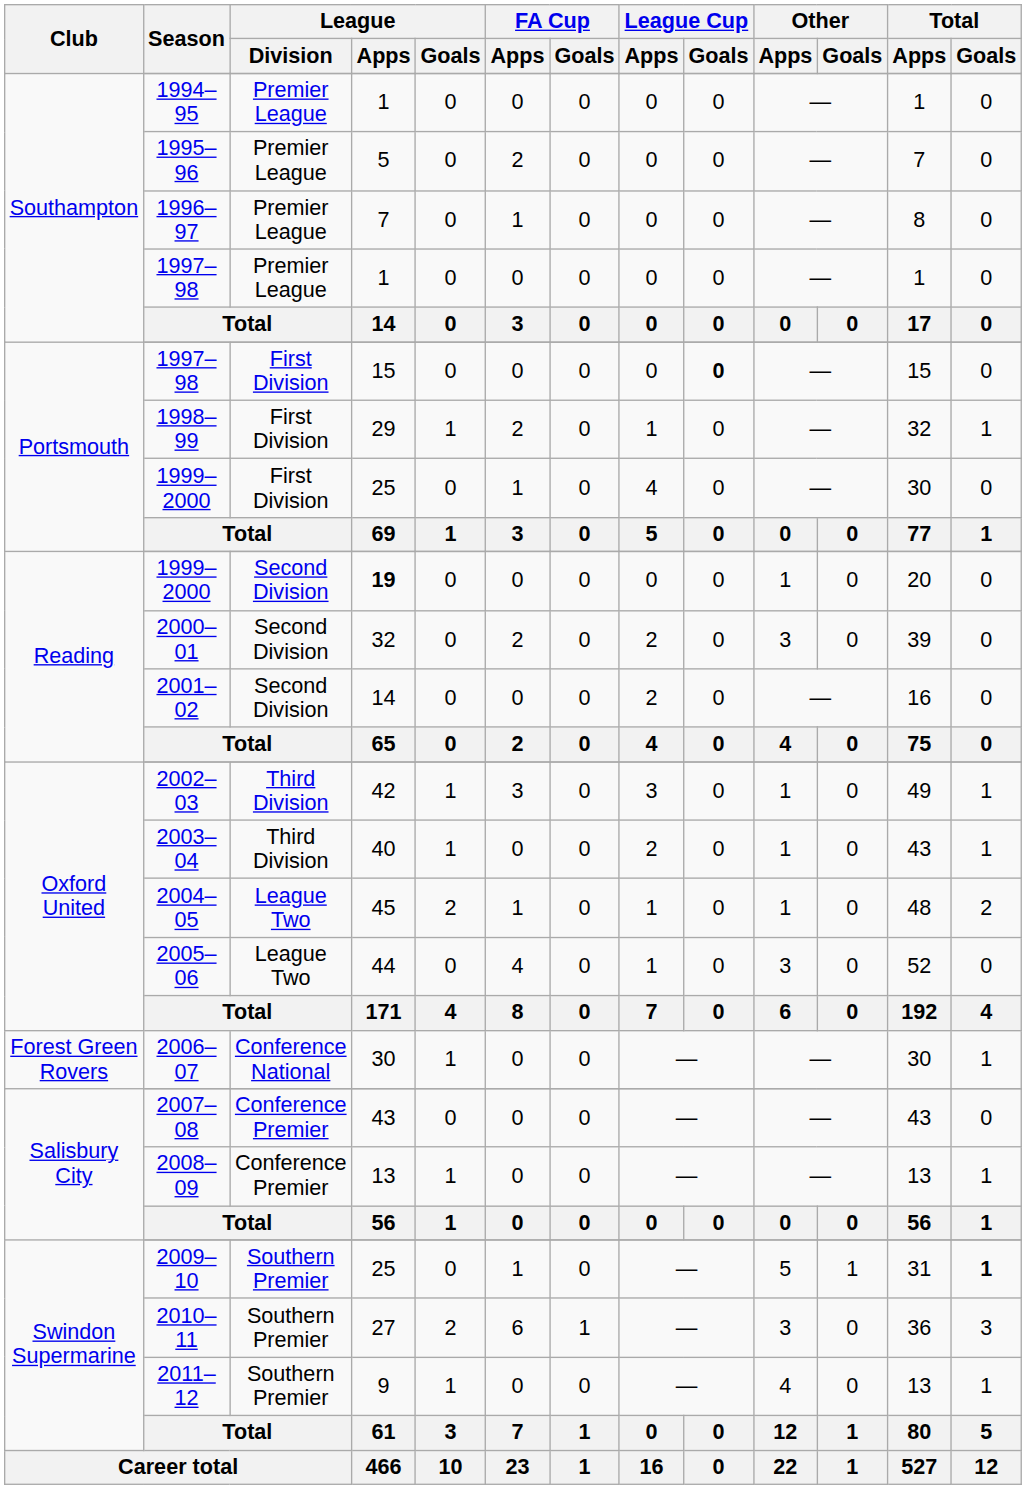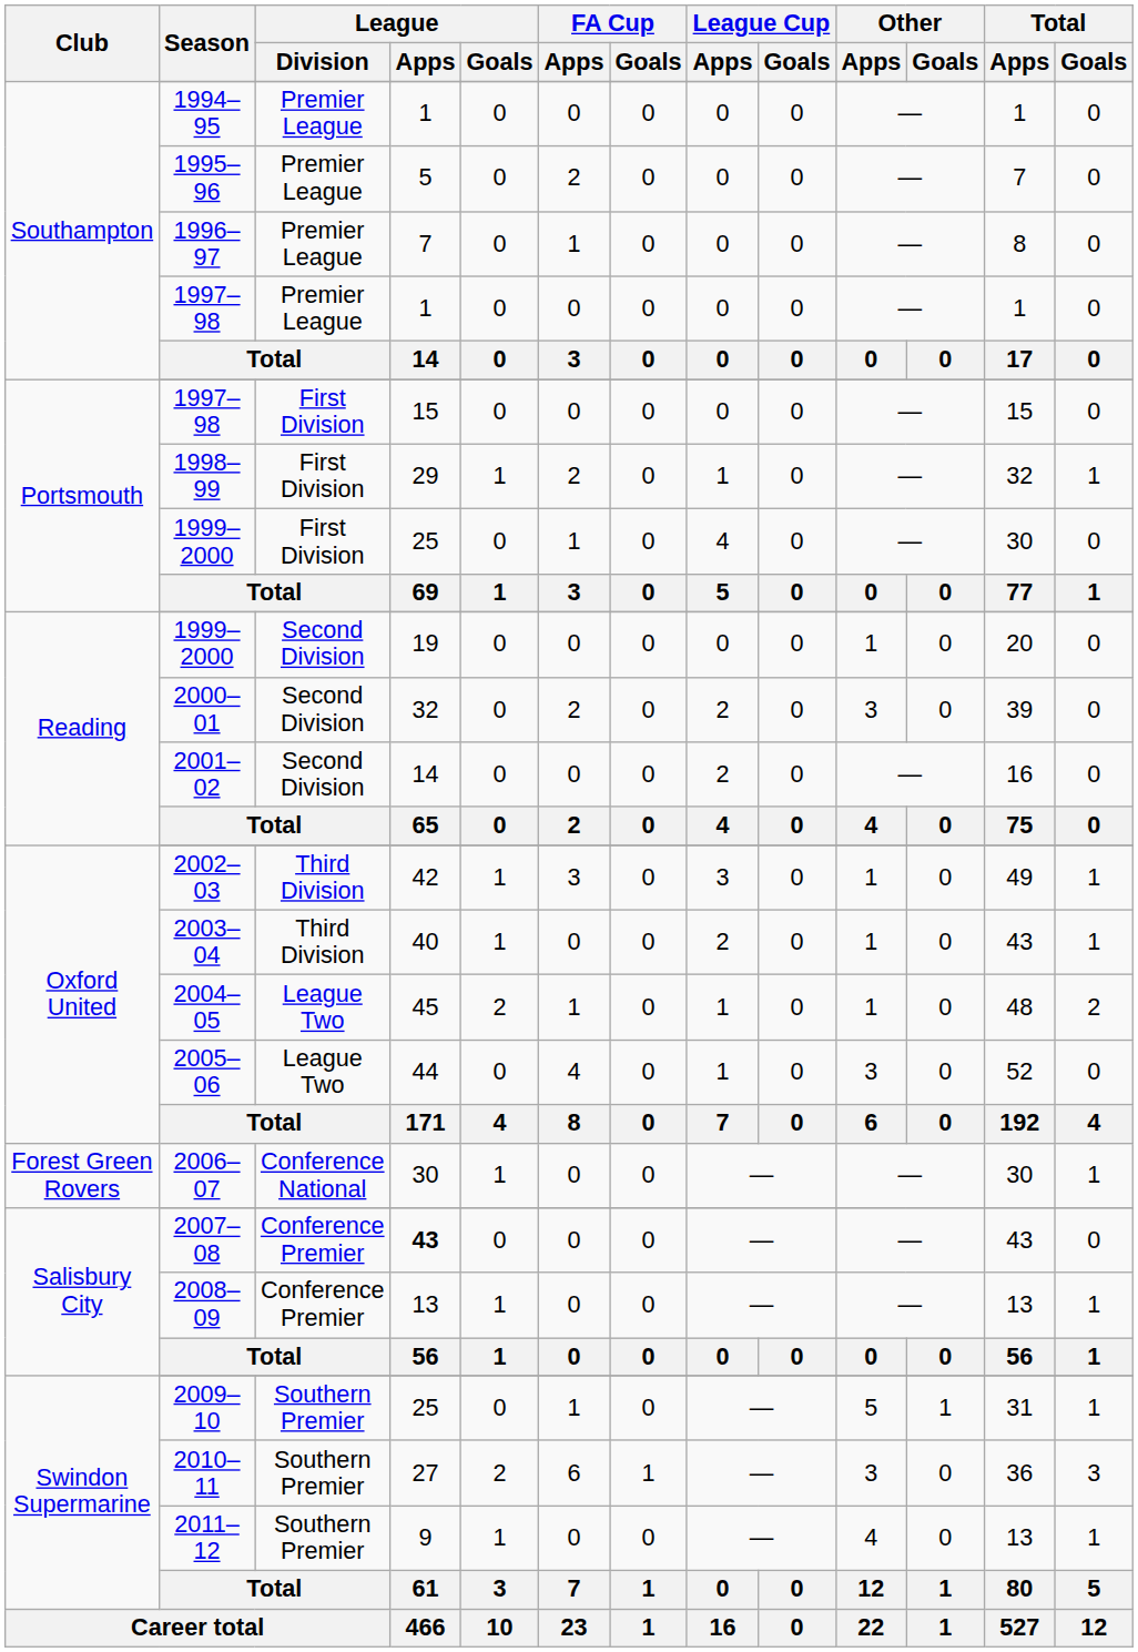 <table class=wikitable style=text-align:center>
 <tr>
 <th rowspan=2>Club</th>
 <th rowspan=2>Season</th>
 <th colspan=3>League</th>
 <th colspan=2><a href='#'>FA Cup</a></th>
 <th colspan=2><a href='#'>League Cup</a></th>
 <th colspan=2>Other</th>
 <th colspan=2>Total</th>
 </tr>
 <tr>
 <th>Division</th>
 <th>Apps</th>
 <th>Goals</th>
 <th>Apps</th>
 <th>Goals</th>
 <th>Apps</th>
 <th>Goals</th>
 <th>Apps</th>
 <th>Goals</th>
 <th>Apps</th>
 <th>Goals</th>
 </tr>
 <tr>
 <td rowspan=6><a href='#'>Southampton</a></td>
 </tr>
 <tr>
 <td><a href='#'>1994–95</a></td>
 <td><a href='#'>Premier League</a></td>
 <td>1</td>
 <td>0</td>
 <td>0</td>
 <td>0</td>
 <td>0</td>
 <td>0</td>
 <td colspan=2>—</td>
 <td>1</td>
 <td>0</td>
 </tr>
 <tr>
 <td><a href='#'>1995–96</a></td>
 <td>Premier League</td>
 <td>5</td>
 <td>0</td>
 <td>2</td>
 <td>0</td>
 <td>0</td>
 <td>0</td>
 <td colspan=2>—</td>
 <td>7</td>
 <td>0</td>
 </tr>
 <tr>
 <td><a href='#'>1996–97</a></td>
 <td>Premier League</td>
 <td>7</td>
 <td>0</td>
 <td>1</td>
 <td>0</td>
 <td>0</td>
 <td>0</td>
 <td colspan=2>—</td>
 <td>8</td>
 <td>0</td>
 </tr>
 <tr>
 <td><a href='#'>1997–98</a></td>
 <td>Premier League</td>
 <td>1</td>
 <td>0</td>
 <td>0</td>
 <td>0</td>
 <td>0</td>
 <td>0</td>
 <td colspan=2>—</td>
 <td>1</td>
 <td>0</td>
 </tr>
 <tr>
 <th colspan=2>Total</th>
 <th>14</th>
 <th>0</th>
 <th>3</th>
 <th>0</th>
 <th>0</th>
 <th>0</th>
 <th>0</th>
 <th>0</th>
 <th>17</th>
 <th>0</th>
 </tr>
 <tr>
 <td rowspan=5><a href='#'>Portsmouth</a></td>
 </tr>
 <tr>
 <td><a href='#'>1997–98</a></td>
 <td><a href='#'>First Division</a></td>
 <td>15</td>
 <td>0</td>
 <td>0</td>
 <td>0</td>
 <td>0</td>
-<td><strong>0</strong></td>
+<td>0</td>
 <td colspan=2>—</td>
 <td>15</td>
 <td>0</td>
 </tr>
 <tr>
 <td><a href='#'>1998–99</a></td>
 <td>First Division</td>
 <td>29</td>
 <td>1</td>
 <td>2</td>
 <td>0</td>
 <td>1</td>
 <td>0</td>
 <td colspan=2>—</td>
 <td>32</td>
 <td>1</td>
 </tr>
 <tr>
 <td><a href='#'>1999–2000</a></td>
 <td>First Division</td>
 <td>25</td>
 <td>0</td>
 <td>1</td>
 <td>0</td>
 <td>4</td>
 <td>0</td>
 <td colspan=2>—</td>
 <td>30</td>
 <td>0</td>
 </tr>
 <tr>
 <th colspan=2>Total</th>
 <th>69</th>
 <th>1</th>
 <th>3</th>
 <th>0</th>
 <th>5</th>
 <th>0</th>
 <th>0</th>
 <th>0</th>
 <th>77</th>
 <th>1</th>
 </tr>
 <tr>
 <td rowspan=5><a href='#'>Reading</a></td>
 </tr>
 <tr>
 <td><a href='#'>1999–2000</a></td>
 <td><a href='#'>Second Division</a></td>
-<td><strong>19</strong></td>
+<td>19</td>
 <td>0</td>
 <td>0</td>
 <td>0</td>
 <td>0</td>
 <td>0</td>
 <td>1</td>
 <td>0</td>
 <td>20</td>
 <td>0</td>
 </tr>
 <tr>
 <td><a href='#'>2000–01</a></td>
 <td>Second Division</td>
 <td>32</td>
 <td>0</td>
 <td>2</td>
 <td>0</td>
 <td>2</td>
 <td>0</td>
 <td>3</td>
 <td>0</td>
 <td>39</td>
 <td>0</td>
 </tr>
 <tr>
 <td><a href='#'>2001–02</a></td>
 <td>Second Division</td>
 <td>14</td>
 <td>0</td>
 <td>0</td>
 <td>0</td>
 <td>2</td>
 <td>0</td>
 <td colspan=2>—</td>
 <td>16</td>
 <td>0</td>
 </tr>
 <tr>
 <th colspan=2>Total</th>
 <th>65</th>
 <th>0</th>
 <th>2</th>
 <th>0</th>
 <th>4</th>
 <th>0</th>
 <th>4</th>
 <th>0</th>
 <th>75</th>
 <th>0</th>
 </tr>
 <tr>
 <td rowspan=6><a href='#'>Oxford United</a></td>
 </tr>
 <tr>
 <td><a href='#'>2002–03</a></td>
 <td><a href='#'>Third Division</a></td>
 <td>42</td>
 <td>1</td>
 <td>3</td>
 <td>0</td>
 <td>3</td>
 <td>0</td>
 <td>1</td>
 <td>0</td>
 <td>49</td>
 <td>1</td>
 </tr>
 <tr>
 <td><a href='#'>2003–04</a></td>
 <td>Third Division</td>
 <td>40</td>
 <td>1</td>
 <td>0</td>
 <td>0</td>
 <td>2</td>
 <td>0</td>
 <td>1</td>
 <td>0</td>
 <td>43</td>
 <td>1</td>
 </tr>
 <tr>
 <td><a href='#'>2004–05</a></td>
 <td><a href='#'>League Two</a></td>
 <td>45</td>
 <td>2</td>
 <td>1</td>
 <td>0</td>
 <td>1</td>
 <td>0</td>
 <td>1</td>
 <td>0</td>
 <td>48</td>
 <td>2</td>
 </tr>
 <tr>
 <td><a href='#'>2005–06</a></td>
 <td>League Two</td>
 <td>44</td>
 <td>0</td>
 <td>4</td>
 <td>0</td>
 <td>1</td>
 <td>0</td>
 <td>3</td>
 <td>0</td>
 <td>52</td>
 <td>0</td>
 </tr>
 <tr>
 <th colspan=2>Total</th>
 <th>171</th>
 <th>4</th>
 <th>8</th>
 <th>0</th>
 <th>7</th>
 <th>0</th>
 <th>6</th>
 <th>0</th>
 <th>192</th>
 <th>4</th>
 </tr>
 <tr>
 <td><a href='#'>Forest Green Rovers</a></td>
 <td><a href='#'>2006–07</a></td>
 <td><a href='#'>Conference National</a></td>
 <td>30</td>
 <td>1</td>
 <td>0</td>
 <td>0</td>
 <td colspan=2>—</td>
 <td colspan=2>—</td>
 <td>30</td>
 <td>1</td>
 </tr>
 <tr>
 <td rowspan=4><a href='#'>Salisbury City</a></td>
 </tr>
 <tr>
 <td><a href='#'>2007–08</a></td>
 <td><a href='#'>Conference Premier</a></td>
-<td>43</td>
+<td><strong>43</strong></td>
 <td>0</td>
 <td>0</td>
 <td>0</td>
 <td colspan=2>—</td>
 <td colspan=2>—</td>
 <td>43</td>
 <td>0</td>
 </tr>
 <tr>
 <td><a href='#'>2008–09</a></td>
 <td>Conference Premier</td>
 <td>13</td>
 <td>1</td>
 <td>0</td>
 <td>0</td>
 <td colspan=2>—</td>
 <td colspan=2>—</td>
 <td>13</td>
 <td>1</td>
 </tr>
 <tr>
 <th colspan=2>Total</th>
 <th>56</th>
 <th>1</th>
 <th>0</th>
 <th>0</th>
 <th>0</th>
 <th>0</th>
 <th>0</th>
 <th>0</th>
 <th>56</th>
 <th>1</th>
 </tr>
 <tr>
 <td rowspan=5><a href='#'>Swindon Supermarine</a></td>
 </tr>
 <tr>
 <td><a href='#'>2009–10</a></td>
 <td><a href='#'>Southern Premier</a></td>
 <td>25</td>
 <td>0</td>
 <td>1</td>
 <td>0</td>
 <td colspan=2>—</td>
 <td>5</td>
 <td>1</td>
 <td>31</td>
-<td><strong>1</strong></td>
+<td>1</td>
 </tr>
 <tr>
 <td><a href='#'>2010–11</a></td>
 <td>Southern Premier</td>
 <td>27</td>
 <td>2</td>
 <td>6</td>
 <td>1</td>
 <td colspan=2>—</td>
 <td>3</td>
 <td>0</td>
 <td>36</td>
 <td>3</td>
 </tr>
 <tr>
 <td><a href='#'>2011–12</a></td>
 <td>Southern Premier</td>
 <td>9</td>
 <td>1</td>
 <td>0</td>
 <td>0</td>
 <td colspan=2>—</td>
 <td>4</td>
 <td>0</td>
 <td>13</td>
 <td>1</td>
 </tr>
 <tr>
 <th colspan=2>Total</th>
 <th>61</th>
 <th>3</th>
 <th>7</th>
 <th>1</th>
 <th>0</th>
 <th>0</th>
 <th>12</th>
 <th>1</th>
 <th>80</th>
 <th>5</th>
 </tr>
 <tr>
 <th colspan=3>Career total</th>
 <th>466</th>
 <th>10</th>
 <th>23</th>
 <th>1</th>
 <th>16</th>
 <th>0</th>
 <th>22</th>
 <th>1</th>
 <th>527</th>
 <th>12</th>
 </tr>
 </table>
